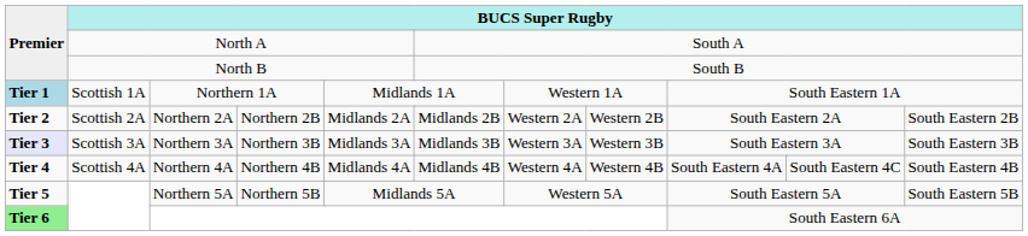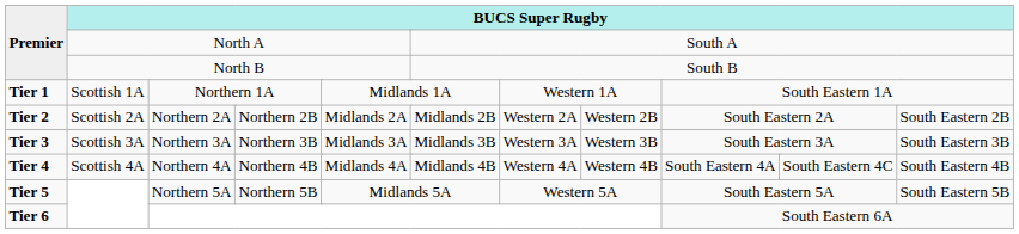 <table class="wikitable" style="text-align:center;">
 <tr>
 <th rowspan="3" style="font-weight:bold; background-color:#efefef;">Premier</th>
 <th colspan="21" style="background-color:#b5efed;">BUCS Super Rugby</th>
 </tr>
 <tr>
 <td colspan="9">North A</td>
 <td colspan="12">South A</td>
 </tr>
 <tr>
 <td colspan="9">North B</td>
 <td colspan="12">South B</td>
 </tr>
 <tr>
-<td style="background: lightblue; font-weight:bold; text-align:left;">Tier 1</td>
+<td style="font-weight:bold; text-align:left;">Tier 1</td>
 <td colspan="3">Scottish 1A</td>
 <td colspan="4">Northern 1A</td>
 <td colspan="4">Midlands 1A</td>
 <td colspan="4">Western 1A</td>
 <td colspan="6">South Eastern 1A</td>
 </tr>
 <tr>
 <td style="font-weight:bold; text-align:left;">Tier 2</td>
 <td colspan="3">Scottish 2A</td>
 <td colspan="2">Northern 2A</td>
 <td colspan="2">Northern 2B</td>
 <td colspan="2">Midlands 2A</td>
 <td colspan="2">Midlands 2B</td>
 <td colspan="2">Western 2A</td>
 <td colspan="2">Western 2B</td>
 <td colspan="4">South Eastern 2A</td>
 <td colspan="2">South Eastern 2B</td>
 </tr>
 <tr>
-<td style="background: lavender; font-weight:bold; text-align:left;">Tier 3</td>
+<td style="font-weight:bold; text-align:left;">Tier 3</td>
 <td colspan="3">Scottish 3A</td>
 <td colspan="2">Northern 3A</td>
 <td colspan="2">Northern 3B</td>
 <td colspan="2">Midlands 3A</td>
 <td colspan="2">Midlands 3B</td>
 <td colspan="2">Western 3A</td>
 <td colspan="2">Western 3B</td>
 <td colspan="4">South Eastern 3A</td>
 <td colspan="2">South Eastern 3B</td>
 </tr>
 <tr>
 <td style="font-weight:bold; text-align:left;">Tier 4</td>
 <td colspan="3">Scottish 4A</td>
 <td colspan="2">Northern 4A</td>
 <td colspan="2">Northern 4B</td>
 <td colspan="2">Midlands 4A</td>
 <td colspan="2">Midlands 4B</td>
 <td colspan="2">Western 4A</td>
 <td colspan="2">Western 4B</td>
 <td colspan="2">South Eastern 4A</td>
 <td colspan="2">South Eastern 4C</td>
 <td colspan="2">South Eastern 4B</td>
 </tr>
 <tr>
 <td style="font-weight:bold; text-align:left;">Tier 5</td>
 <td rowspan="2" colspan="3" style="background-color:#ffffff;"></td>
 <td colspan="2">Northern 5A</td>
 <td colspan="2">Northern 5B</td>
 <td colspan="4">Midlands 5A</td>
 <td colspan="4">Western 5A</td>
 <td colspan="4">South Eastern 5A</td>
 <td colspan="2">South Eastern 5B</td>
 </tr>
 <tr>
-<td style="background: lightgreen; font-weight:bold; text-align:left;">Tier 6</td>
+<td style="font-weight:bold; text-align:left;">Tier 6</td>
 <td colspan="12" style="background-color:#ffffff;"></td>
 <td colspan="6">South Eastern 6A</td>
 </tr>
 </table>
